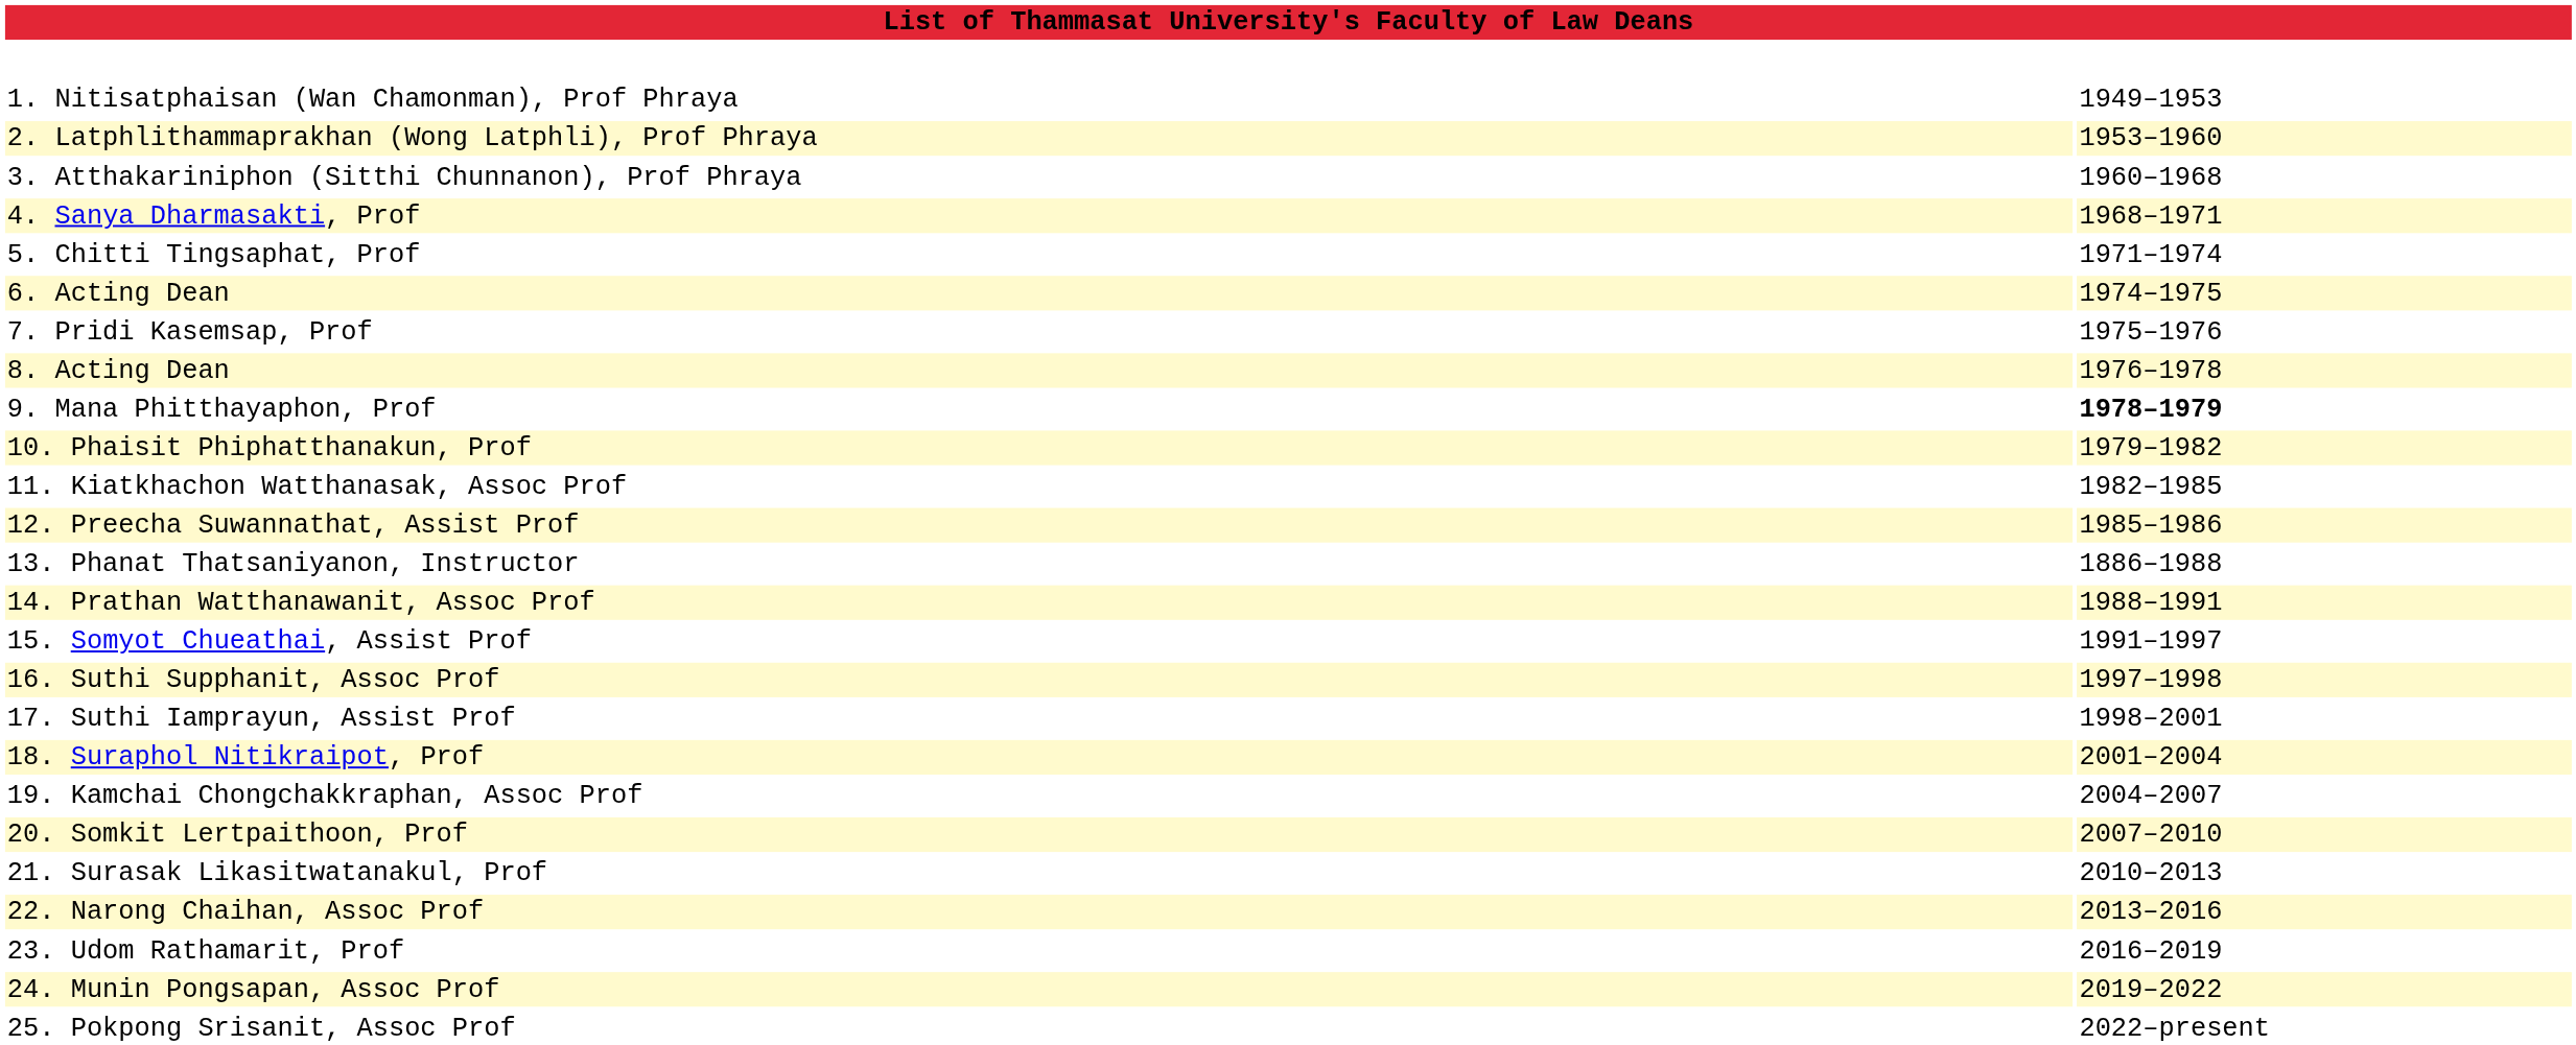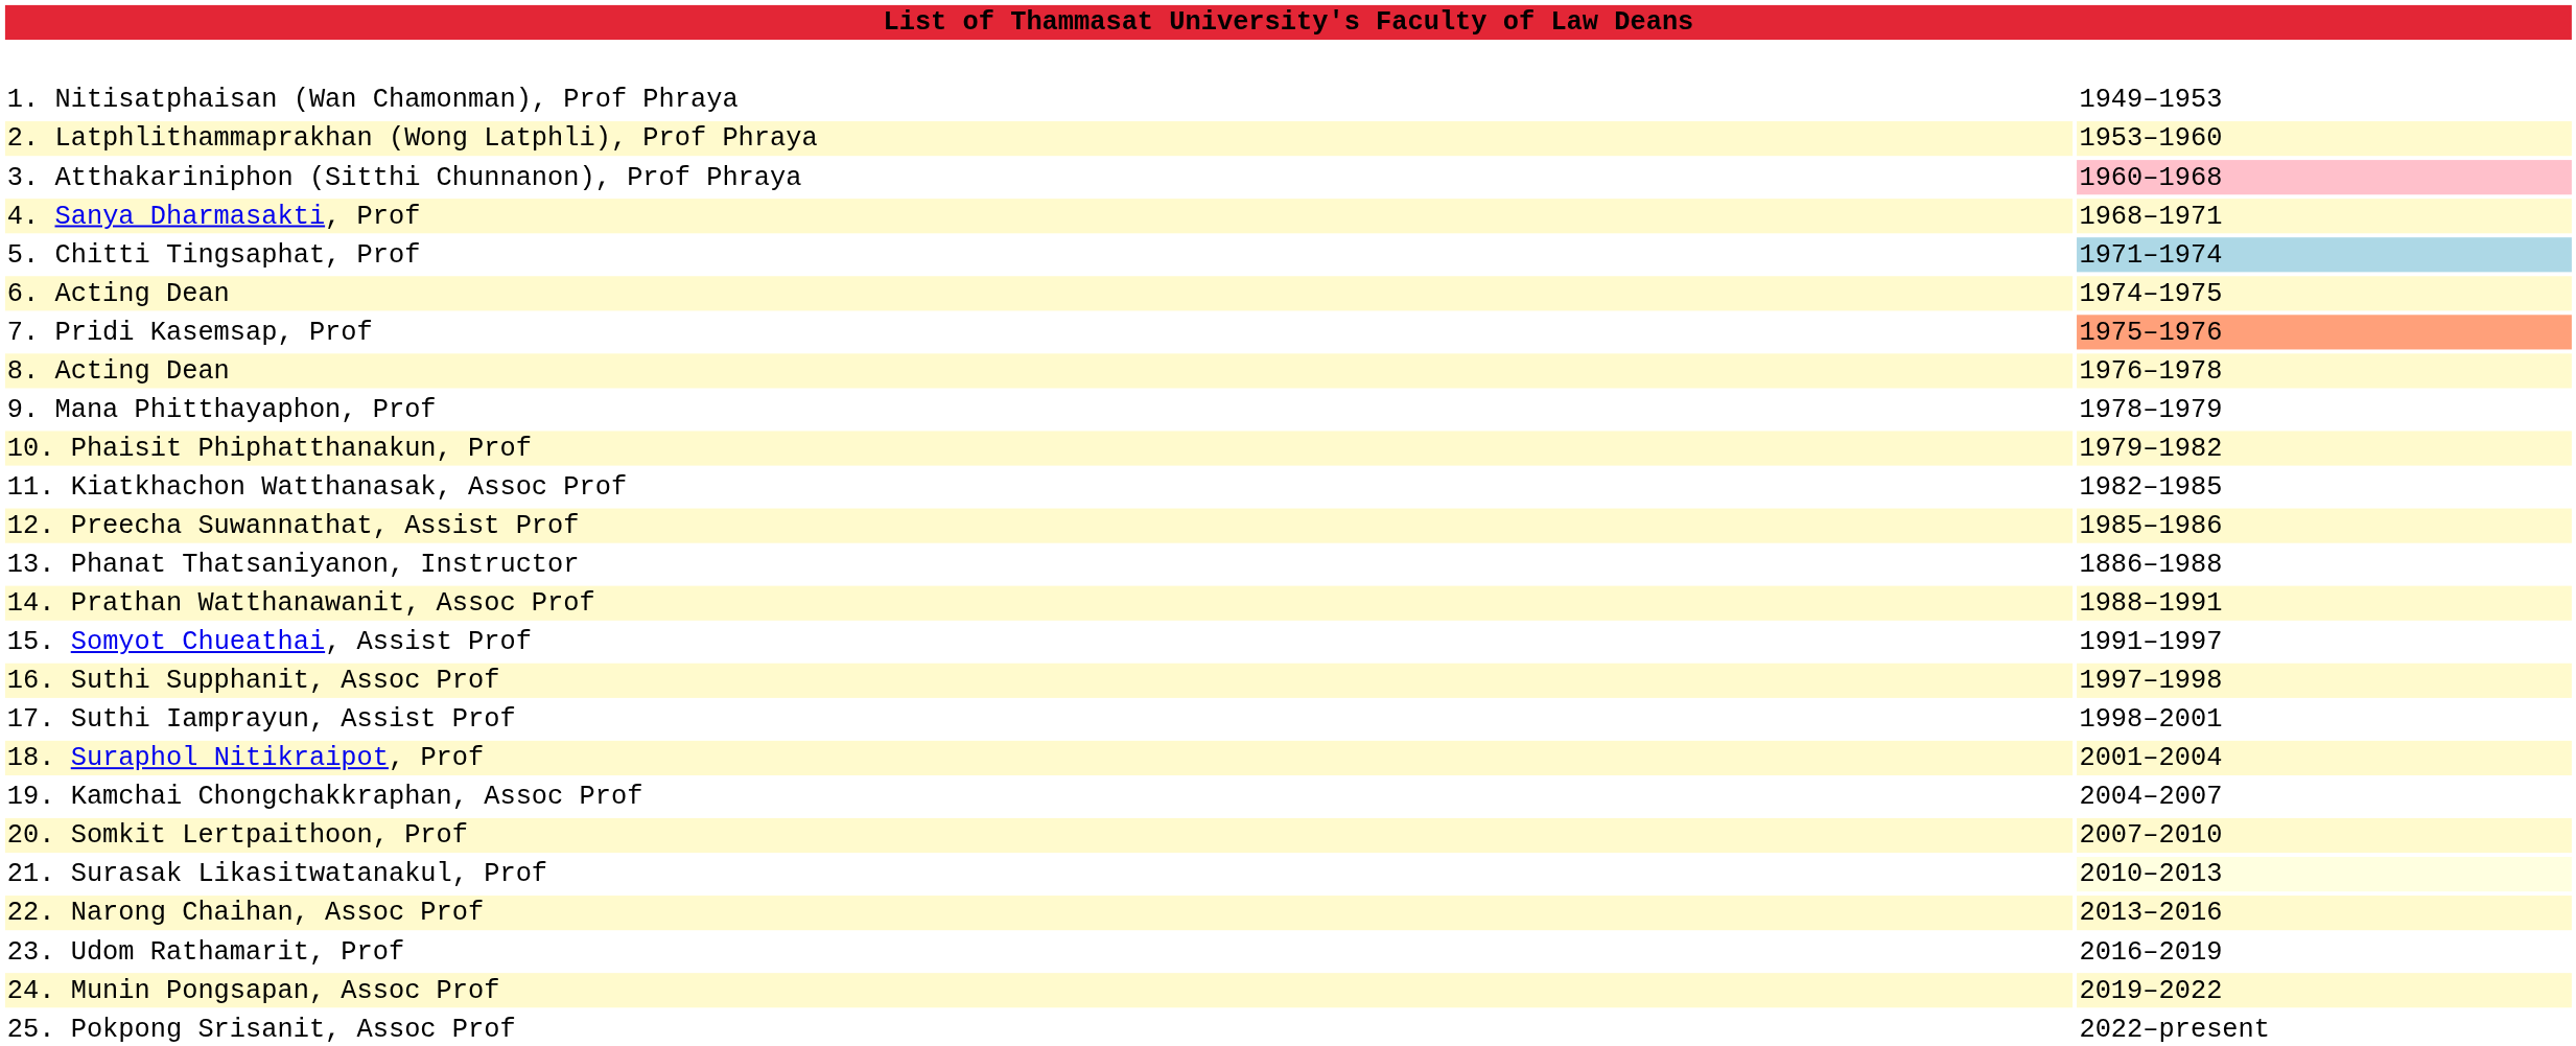 <table class="toccolours" width=100%>
 <tr>
 <td colspan = "3" style="background: #E32636 " align="center"><span><strong>List of Thammasat University's Faculty of Law Deans</strong></span></td>
 </tr>
 <tr>
 <th style="background: white; color:white;"><span> Name</span></th>
 <th style="background: white; color:white;"><span> Years served</span></th>
 </tr>
 <tr>
 <td valign = "top">1. Nitisatphaisan (Wan Chamonman), Prof Phraya</td>
 <td valign = "top">1949–1953</td>
 </tr>
 <tr>
 <td valign = "left" style="background: #FFFACD">2. Latphlithammaprakhan (Wong Latphli), Prof Phraya</td>
 <td valign = "top" style="background: #FFFACD">1953–1960</td>
 </tr>
 <tr>
 <td valign = "top">3. Atthakariniphon (Sitthi Chunnanon), Prof Phraya</td>
-<td valign = "top">1960–1968</td>
+<td valign = "top" style="background: pink;">1960–1968</td>
 </tr>
 <tr>
 <td valign = "left" style="background: #FFFACD">4. <a href='#'>Sanya Dharmasakti</a>, Prof</td>
 <td valign = "top" style="background: #FFFACD">1968–1971</td>
 </tr>
 <tr>
 <td valign = "top">5. Chitti Tingsaphat, Prof</td>
-<td valign = "top">1971–1974</td>
+<td valign = "top" style="background: lightblue;">1971–1974</td>
 </tr>
 <tr>
 <td valign = "left" style="background: #FFFACD">6. Acting Dean</td>
 <td valign = "top" style="background: #FFFACD">1974–1975</td>
 </tr>
 <tr>
 <td valign = "top">7. Pridi Kasemsap, Prof</td>
-<td valign = "top">1975–1976</td>
+<td valign = "top" style="background: lightsalmon;">1975–1976</td>
 </tr>
 <tr>
 <td valign = "left" style="background: #FFFACD">8. Acting Dean</td>
 <td valign = "top" style="background: #FFFACD">1976–1978</td>
 </tr>
 <tr>
 <td valign = "top">9. Mana Phitthayaphon, Prof</td>
-<td valign = "top"><strong>1978–1979</strong></td>
+<td valign = "top">1978–1979</td>
 </tr>
 <tr>
 <td valign = "left" style="background: #FFFACD">10. Phaisit Phiphatthanakun, Prof</td>
 <td valign = "top" style="background: #FFFACD">1979–1982</td>
 </tr>
 <tr>
 <td valign = "top">11. Kiatkhachon Watthanasak, Assoc Prof</td>
 <td valign = "top">1982–1985</td>
 </tr>
 <tr>
 <td valign = "left" style="background: #FFFACD">12. Preecha Suwannathat, Assist Prof</td>
 <td valign = "top" style="background: #FFFACD">1985–1986</td>
 </tr>
 <tr>
 <td valign = "top">13. Phanat Thatsaniyanon, Instructor</td>
 <td valign = "top">1886–1988</td>
 </tr>
 <tr>
 <td valign = "left" style="background: #FFFACD">14. Prathan Watthanawanit, Assoc Prof</td>
 <td valign = "top" style="background: #FFFACD">1988–1991</td>
 </tr>
 <tr>
 <td valign = "top">15. <a href='#'>Somyot Chueathai</a>, Assist Prof</td>
 <td valign = "top">1991–1997</td>
 </tr>
 <tr>
 <td valign = "left" style="background: #FFFACD">16. Suthi Supphanit, Assoc Prof</td>
 <td valign = "top" style="background: #FFFACD">1997–1998</td>
 </tr>
 <tr>
 <td valign = "top">17. Suthi Iamprayun, Assist Prof</td>
 <td valign = "top">1998–2001</td>
 </tr>
 <tr>
 <td valign = "left" style="background: #FFFACD">18. <a href='#'>Suraphol Nitikraipot</a>, Prof</td>
 <td valign = "top" style="background: #FFFACD">2001–2004</td>
 </tr>
 <tr>
 <td valign = "top">19. Kamchai Chongchakkraphan, Assoc Prof</td>
 <td valign = "top">2004–2007</td>
 </tr>
 <tr>
 <td valign = "left" style="background: #FFFACD">20. Somkit Lertpaithoon, Prof</td>
 <td valign = "top" style="background: #FFFACD">2007–2010</td>
 </tr>
 <tr>
 <td valign = "top">21. Surasak Likasitwatanakul, Prof</td>
-<td valign = "top">2010–2013</td>
+<td valign = "top" style="background: lightyellow;">2010–2013</td>
 </tr>
 <tr>
 <td valign = "left" style="background: #FFFACD">22. Narong Chaihan, Assoc Prof</td>
 <td valign = "top" style="background: #FFFACD">2013–2016</td>
 </tr>
 <tr>
 <td valign="left" style="background:">23. Udom Rathamarit, Prof</td>
 <td valign="top" style="background:">2016–2019</td>
 </tr>
 <tr>
 <td valign = "left" style="background: #FFFACD">24. Munin Pongsapan, Assoc Prof</td>
 <td valign = "top" style="background: #FFFACD">2019–2022</td>
 </tr>
 <tr>
 <td valign="left" style="background:">25. Pokpong Srisanit, Assoc Prof</td>
 <td valign="top" style="background:">2022–present</td>
 </tr>
 <tr>
 </tr>
 </table>
